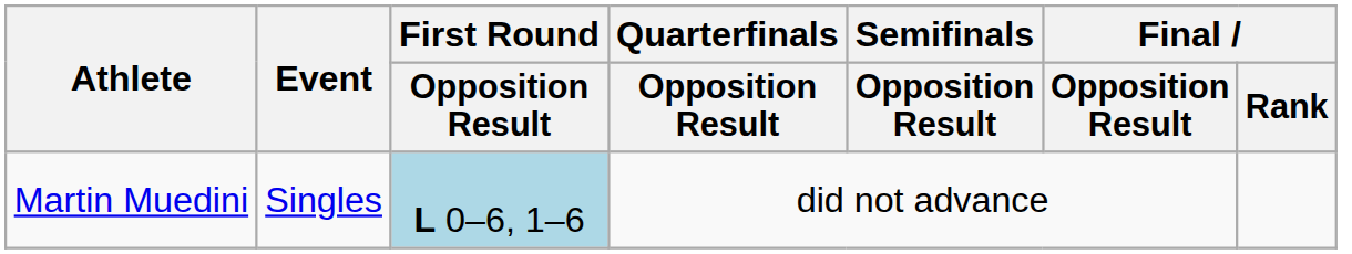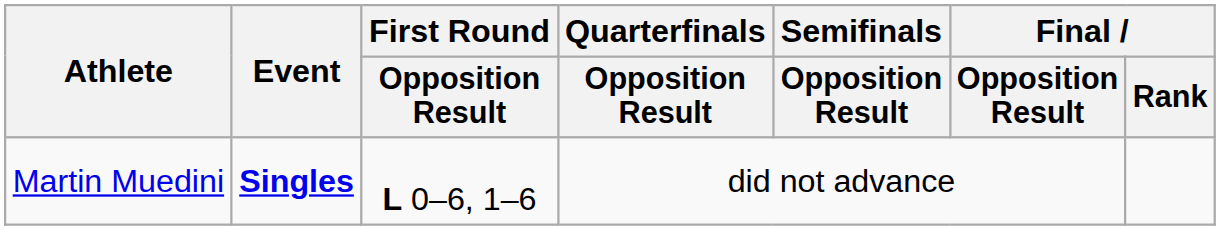 <table class=wikitable style="font-size:90%; text-align:center">
 <tr>
 <th rowspan=2>Athlete</th>
 <th rowspan=2>Event</th>
 <th>First Round</th>
 <th>Quarterfinals</th>
 <th>Semifinals</th>
 <th colspan=2>Final / </th>
 </tr>
 <tr style=font-size:95%>
 <th>Opposition<br>Result</th>
 <th>Opposition<br>Result</th>
 <th>Opposition<br>Result</th>
 <th>Opposition<br>Result</th>
 <th>Rank</th>
 </tr>
 <tr align=center>
 <td align=left><a href='#'>Martin Muedini</a></td>
-<td align=left><a href='#'>Singles</a></td>
-<td style="background: lightblue;"><br><strong>L</strong> 0–6, 1–6</td>
+<td align=left><strong><a href='#'>Singles</a></strong></td>
+<td><br><strong>L</strong> 0–6, 1–6</td>
 <td colspan=3>did not advance</td>
 </tr>
 </table>
